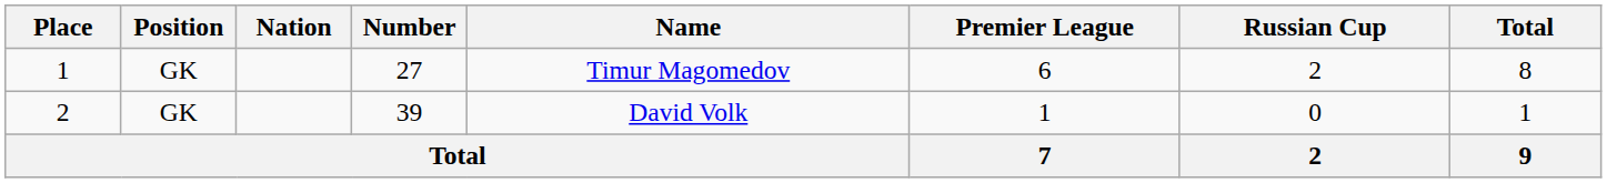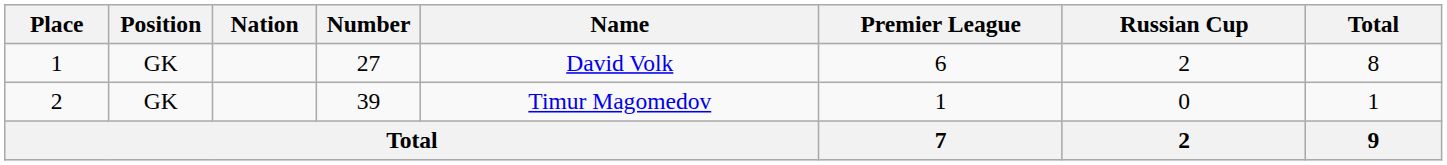 <table class="wikitable" style="font-size: 95%; text-align: center;">
 <tr>
 <th width=60>Place</th>
 <th width=60>Position</th>
 <th width=60>Nation</th>
 <th width=60>Number</th>
 <th width=250>Name</th>
 <th width=150>Premier League</th>
 <th width=150>Russian Cup</th>
 <th width=80>Total</th>
 </tr>
 <tr>
 <td>1</td>
 <td>GK</td>
 <td></td>
 <td>27</td>
-<td><a href='#'>Timur Magomedov</a></td>
+<td><a href='#'>David Volk</a></td>
 <td>6</td>
 <td>2</td>
 <td>8</td>
 </tr>
 <tr>
 <td>2</td>
 <td>GK</td>
 <td></td>
 <td>39</td>
-<td><a href='#'>David Volk</a></td>
+<td><a href='#'>Timur Magomedov</a></td>
 <td>1</td>
 <td>0</td>
 <td>1</td>
 </tr>
 <tr>
 <th colspan=5>Total</th>
 <th>7</th>
 <th>2</th>
 <th>9</th>
 </tr>
 </table>
